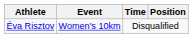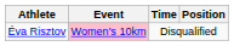 <table class="wikitable" border="1" style="font-size:90%">
 <tr>
 <th>Athlete</th>
 <th>Event</th>
 <th>Time</th>
 <th>Position</th>
 </tr>
 <tr>
 <td rowspan=1><a href='#'>Éva Risztov</a></td>
-<td><a href='#'>Women's 10km</a></td>
+<td style="background: pink;"><a href='#'>Women's 10km</a></td>
 <td colspan= 2 align=center>Disqualified</td>
 </tr>
 </table>
